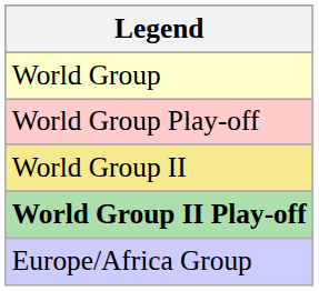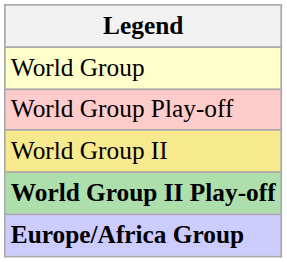 <table class=wikitable style=font-size:90%>
 <tr>
 <th>Legend</th>
 </tr>
 <tr>
 <td style="background:#ffffcc;">World Group</td>
 </tr>
 <tr>
 <td style="background:#fcc;">World Group Play-off</td>
 </tr>
 <tr>
 <td style="background:#f7e98e;">World Group II</td>
 </tr>
 <tr>
 <td style="background:#addfad;"><strong>World Group II Play-off</strong></td>
 </tr>
 <tr>
-<td style="background:#ccf;">Europe/Africa Group</td>
+<td style="background:#ccf;"><strong>Europe/Africa Group</strong></td>
 </tr>
 </table>
